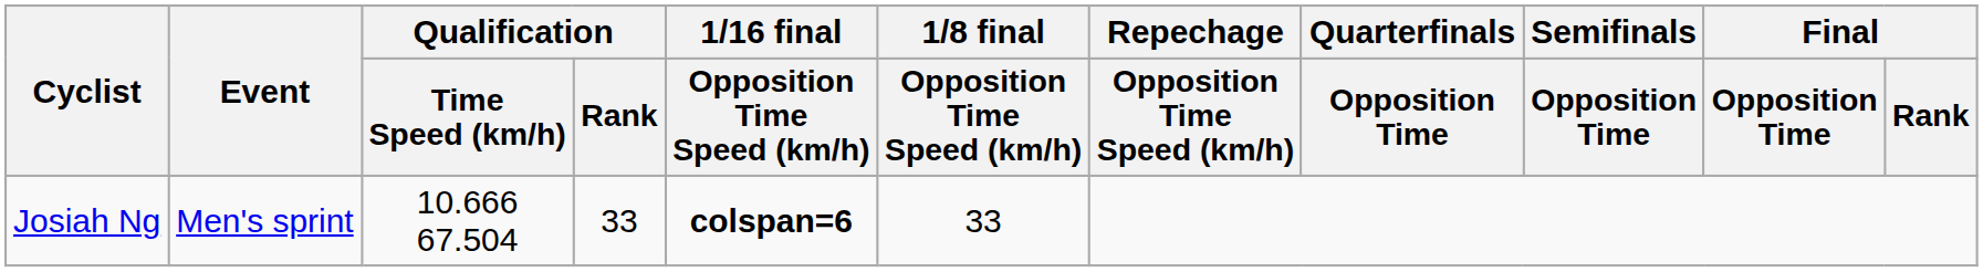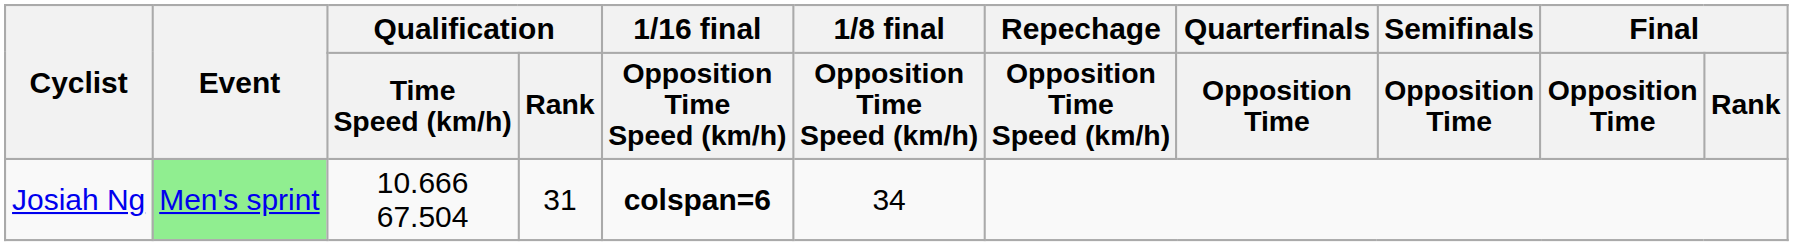 <table class="wikitable" style="font-size:90%">
 <tr>
 <th rowspan=2>Cyclist</th>
 <th rowspan=2>Event</th>
 <th colspan=2>Qualification</th>
 <th>1/16 final</th>
 <th>1/8 final</th>
 <th>Repechage</th>
 <th>Quarterfinals</th>
 <th>Semifinals</th>
 <th colspan=2>Final</th>
 </tr>
 <tr style="font-size:95%">
 <th>Time<br>Speed (km/h)</th>
 <th>Rank</th>
 <th>Opposition<br>Time<br>Speed (km/h)</th>
 <th>Opposition<br>Time<br>Speed (km/h)</th>
 <th>Opposition<br>Time<br>Speed (km/h)</th>
 <th>Opposition<br>Time</th>
 <th>Opposition<br>Time</th>
 <th>Opposition<br>Time</th>
 <th>Rank</th>
 </tr>
 <tr align=center>
 <td align=left><a href='#'>Josiah Ng</a></td>
-<td align=left><a href='#'>Men's sprint</a></td>
+<td align=left style="background: lightgreen;"><a href='#'>Men's sprint</a></td>
 <td>10.666<br>67.504</td>
-<td>33</td>
+<td>31</td>
 <td><strong>colspan=6 </strong></td>
-<td>33</td>
+<td>34</td>
 </tr>
 </table>
